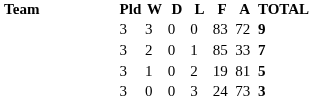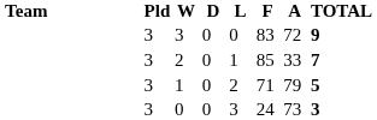 <table>
 <tr>
 <td><br></td>
 </tr>
 <tr border=1 cellpadding=5 cellspacing=0>
 <th width="200">Team</th>
 <th width="20">Pld</th>
 <th width="20">W</th>
 <th width="20">D</th>
 <th width="20">L</th>
 <th width="20">F</th>
 <th width="20">A</th>
 <th width="20">TOTAL</th>
 </tr>
 <tr>
 <td align=left></td>
 <td>3</td>
 <td>3</td>
 <td>0</td>
 <td>0</td>
 <td>83</td>
 <td>72</td>
 <td><strong>9</strong></td>
 </tr>
 <tr>
 <td align=left></td>
 <td>3</td>
 <td>2</td>
 <td>0</td>
 <td>1</td>
 <td>85</td>
 <td>33</td>
 <td><strong>7</strong></td>
 </tr>
 <tr>
 <td align=left></td>
 <td>3</td>
 <td>1</td>
 <td>0</td>
 <td>2</td>
-<td>19</td>
-<td>81</td>
+<td>71</td>
+<td>79</td>
 <td><strong>5</strong></td>
 </tr>
 <tr>
 <td align=left></td>
 <td>3</td>
 <td>0</td>
 <td>0</td>
 <td>3</td>
 <td>24</td>
 <td>73</td>
 <td><strong>3</strong></td>
 </tr>
 </table>
